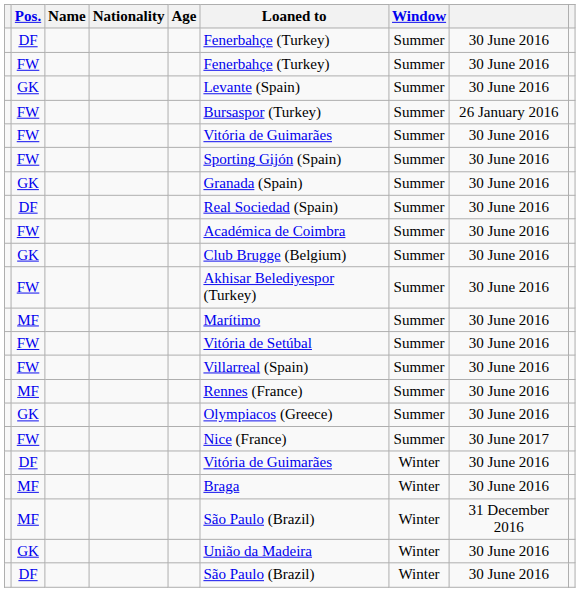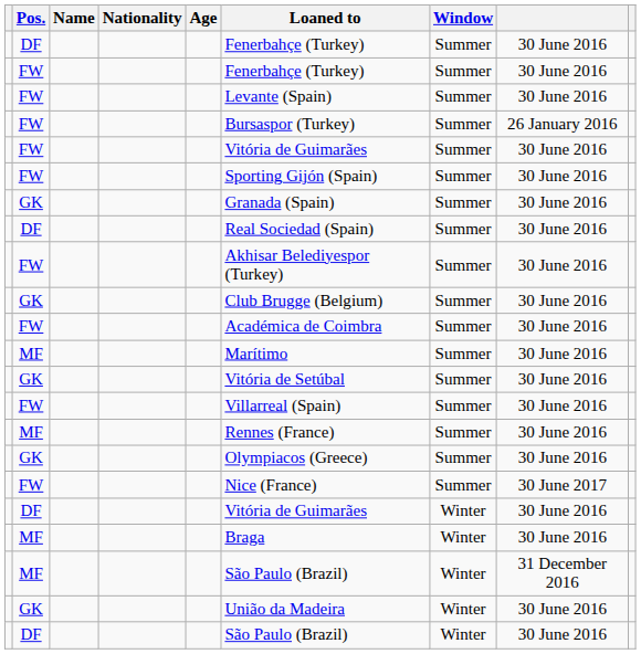 <table class="wikitable sortable" style="text-align:center;">
 <tr>
 <th scope=col></th>
 <th scope=col><a href='#'>Pos.</a></th>
 <th scope=col>Name</th>
 <th scope=col>Nationality</th>
 <th scope=col>Age</th>
 <th scope=col>Loaned to</th>
 <th scope=col><a href='#'>Window</a></th>
 <th scope=col></th>
 <th scope=col class=unsortable></th>
 </tr>
 <tr>
 <td></td>
 <td><a href='#'>DF</a></td>
 <td align=left></td>
 <td align=left></td>
 <td></td>
 <td align=left><a href='#'>Fenerbahçe</a> (Turkey)</td>
 <td>Summer</td>
 <td>30 June 2016</td>
 <td></td>
 </tr>
 <tr>
 <td></td>
 <td><a href='#'>FW</a></td>
 <td align=left></td>
 <td align=left></td>
 <td></td>
 <td align=left><a href='#'>Fenerbahçe</a> (Turkey)</td>
 <td>Summer</td>
 <td>30 June 2016</td>
 <td></td>
 </tr>
 <tr>
 <td></td>
-<td><a href='#'>GK</a></td>
+<td><a href='#'>FW</a></td>
 <td align=left></td>
 <td align=left></td>
 <td></td>
 <td align=left><a href='#'>Levante</a> (Spain)</td>
 <td>Summer</td>
 <td>30 June 2016</td>
 <td></td>
 </tr>
 <tr>
 <td></td>
 <td><a href='#'>FW</a></td>
 <td align=left></td>
 <td align=left></td>
 <td></td>
 <td align=left><a href='#'>Bursaspor</a> (Turkey)</td>
 <td>Summer</td>
 <td>26 January 2016</td>
 <td></td>
 </tr>
 <tr>
 <td></td>
 <td><a href='#'>FW</a></td>
 <td align=left></td>
 <td align=left></td>
 <td></td>
 <td align=left><a href='#'>Vitória de Guimarães</a></td>
 <td>Summer</td>
 <td>30 June 2016</td>
 <td></td>
 </tr>
 <tr>
 <td></td>
 <td><a href='#'>FW</a></td>
 <td align=left></td>
 <td align=left></td>
 <td></td>
 <td align=left><a href='#'>Sporting Gijón</a> (Spain)</td>
 <td>Summer</td>
 <td>30 June 2016</td>
 <td></td>
 </tr>
 <tr>
 <td></td>
 <td><a href='#'>GK</a></td>
 <td align=left></td>
 <td align=left></td>
 <td></td>
 <td align=left><a href='#'>Granada</a> (Spain)</td>
 <td>Summer</td>
 <td>30 June 2016</td>
 <td></td>
 </tr>
 <tr>
 <td></td>
 <td><a href='#'>DF</a></td>
 <td align=left></td>
 <td align=left></td>
 <td></td>
 <td align=left><a href='#'>Real Sociedad</a> (Spain)</td>
 <td>Summer</td>
 <td>30 June 2016</td>
 <td></td>
 </tr>
 <tr>
 <td></td>
 <td><a href='#'>FW</a></td>
 <td align=left></td>
 <td align=left></td>
 <td></td>
-<td align=left><a href='#'>Académica de Coimbra</a></td>
+<td align=left><a href='#'>Akhisar Belediyespor</a> (Turkey)</td>
 <td>Summer</td>
 <td>30 June 2016</td>
 <td></td>
 </tr>
 <tr>
 <td></td>
 <td><a href='#'>GK</a></td>
 <td align=left></td>
 <td align=left></td>
 <td></td>
 <td align=left><a href='#'>Club Brugge</a> (Belgium)</td>
 <td>Summer</td>
 <td>30 June 2016</td>
 <td></td>
 </tr>
 <tr>
 <td></td>
 <td><a href='#'>FW</a></td>
 <td align=left></td>
 <td align=left></td>
 <td></td>
-<td align=left><a href='#'>Akhisar Belediyespor</a> (Turkey)</td>
+<td align=left><a href='#'>Académica de Coimbra</a></td>
 <td>Summer</td>
 <td>30 June 2016</td>
 <td></td>
 </tr>
 <tr>
 <td></td>
 <td><a href='#'>MF</a></td>
 <td align=left></td>
 <td align=left></td>
 <td></td>
 <td align=left><a href='#'>Marítimo</a></td>
 <td>Summer</td>
 <td>30 June 2016</td>
 <td></td>
 </tr>
 <tr>
 <td></td>
-<td><a href='#'>FW</a></td>
+<td><a href='#'>GK</a></td>
 <td align=left></td>
 <td align=left></td>
 <td></td>
 <td align=left><a href='#'>Vitória de Setúbal</a></td>
 <td>Summer</td>
 <td>30 June 2016</td>
 <td></td>
 </tr>
 <tr>
 <td></td>
 <td><a href='#'>FW</a></td>
 <td align=left></td>
 <td align=left></td>
 <td></td>
 <td align=left><a href='#'>Villarreal</a> (Spain)</td>
 <td>Summer</td>
 <td>30 June 2016</td>
 <td></td>
 </tr>
 <tr>
 <td></td>
 <td><a href='#'>MF</a></td>
 <td align=left></td>
 <td align=left></td>
 <td></td>
 <td align=left><a href='#'>Rennes</a> (France)</td>
 <td>Summer</td>
 <td>30 June 2016</td>
 <td></td>
 </tr>
 <tr>
 <td></td>
 <td><a href='#'>GK</a></td>
 <td align=left></td>
 <td align=left></td>
 <td></td>
 <td align=left><a href='#'>Olympiacos</a> (Greece)</td>
 <td>Summer</td>
 <td>30 June 2016</td>
 <td></td>
 </tr>
 <tr>
 <td></td>
 <td><a href='#'>FW</a></td>
 <td align=left></td>
 <td align=left></td>
 <td></td>
 <td align=left><a href='#'>Nice</a> (France)</td>
 <td>Summer</td>
 <td>30 June 2017</td>
 <td></td>
 </tr>
 <tr>
 <td></td>
 <td><a href='#'>DF</a></td>
 <td align=left></td>
 <td align=left></td>
 <td></td>
 <td align=left><a href='#'>Vitória de Guimarães</a></td>
 <td>Winter</td>
 <td>30 June 2016</td>
 <td></td>
 </tr>
 <tr>
 <td></td>
 <td><a href='#'>MF</a></td>
 <td align=left></td>
 <td align=left></td>
 <td></td>
 <td align=left><a href='#'>Braga</a></td>
 <td>Winter</td>
 <td>30 June 2016</td>
 <td></td>
 </tr>
 <tr>
 <td></td>
 <td><a href='#'>MF</a></td>
 <td align=left></td>
 <td align=left></td>
 <td></td>
 <td align=left><a href='#'>São Paulo</a> (Brazil)</td>
 <td>Winter</td>
 <td>31 December 2016</td>
 <td></td>
 </tr>
 <tr>
 <td></td>
 <td><a href='#'>GK</a></td>
 <td align=left></td>
 <td align=left></td>
 <td></td>
 <td align=left><a href='#'>União da Madeira</a></td>
 <td>Winter</td>
 <td>30 June 2016</td>
 <td></td>
 </tr>
 <tr>
 <td></td>
 <td><a href='#'>DF</a></td>
 <td align=left></td>
 <td align=left></td>
 <td></td>
 <td align=left><a href='#'>São Paulo</a> (Brazil)</td>
 <td>Winter</td>
 <td>30 June 2016</td>
 <td></td>
 </tr>
 </table>
